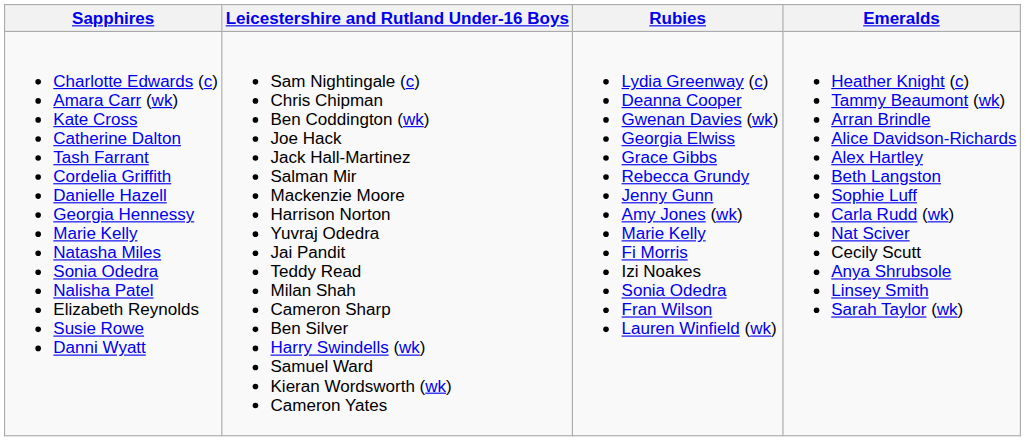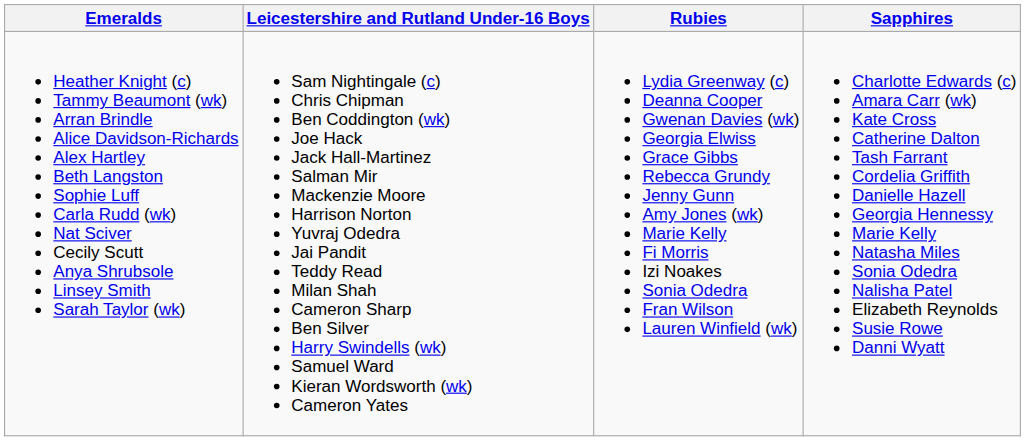 <table class="wikitable" Style="font-size:95%;">
 <tr>
-<th><a href='#'>Sapphires</a></th>
+<th><a href='#'>Emeralds</a></th>
 <th><a href='#'>Leicestershire and Rutland Under-16 Boys</a></th>
 <th><a href='#'>Rubies</a></th>
-<th><a href='#'>Emeralds</a></th>
+<th><a href='#'>Sapphires</a></th>
 </tr>
 <tr>
-<td valign=top><br><ul><li> <a href='#'>Charlotte Edwards</a> (<a href='#'>c</a>)</li><li> <a href='#'>Amara Carr</a> (<a href='#'>wk</a>)</li><li> <a href='#'>Kate Cross</a></li><li> <a href='#'>Catherine Dalton</a></li><li> <a href='#'>Tash Farrant</a></li><li> <a href='#'>Cordelia Griffith</a></li><li> <a href='#'>Danielle Hazell</a></li><li> <a href='#'>Georgia Hennessy</a></li><li> <a href='#'>Marie Kelly</a></li><li> <a href='#'>Natasha Miles</a></li><li> <a href='#'>Sonia Odedra</a></li><li> <a href='#'>Nalisha Patel</a></li><li> Elizabeth Reynolds</li><li> <a href='#'>Susie Rowe</a></li><li> <a href='#'>Danni Wyatt</a></li></ul></td>
+<td valign=top><br><ul><li> <a href='#'>Heather Knight</a> (<a href='#'>c</a>)</li><li> <a href='#'>Tammy Beaumont</a> (<a href='#'>wk</a>)</li><li> <a href='#'>Arran Brindle</a></li><li> <a href='#'>Alice Davidson-Richards</a></li><li> <a href='#'>Alex Hartley</a></li><li> <a href='#'>Beth Langston</a></li><li> <a href='#'>Sophie Luff</a></li><li> <a href='#'>Carla Rudd</a> (<a href='#'>wk</a>)</li><li> <a href='#'>Nat Sciver</a></li><li> Cecily Scutt</li><li> <a href='#'>Anya Shrubsole</a></li><li> <a href='#'>Linsey Smith</a></li><li> <a href='#'>Sarah Taylor</a> (<a href='#'>wk</a>)</li></ul></td>
 <td valign=top><br><ul><li> Sam Nightingale (<a href='#'>c</a>)</li><li> Chris Chipman</li><li> Ben Coddington (<a href='#'>wk</a>)</li><li> Joe Hack</li><li> Jack Hall-Martinez</li><li> Salman Mir</li><li> Mackenzie Moore</li><li> Harrison Norton</li><li> Yuvraj Odedra</li><li> Jai Pandit</li><li> Teddy Read</li><li> Milan Shah</li><li> Cameron Sharp</li><li> Ben Silver</li><li> <a href='#'>Harry Swindells</a> (<a href='#'>wk</a>)</li><li> Samuel Ward</li><li> Kieran Wordsworth (<a href='#'>wk</a>)</li><li> Cameron Yates</li></ul></td>
 <td valign=top><br><ul><li> <a href='#'>Lydia Greenway</a> (<a href='#'>c</a>)</li><li> <a href='#'>Deanna Cooper</a></li><li> <a href='#'>Gwenan Davies</a> (<a href='#'>wk</a>)</li><li> <a href='#'>Georgia Elwiss</a></li><li> <a href='#'>Grace Gibbs</a></li><li> <a href='#'>Rebecca Grundy</a></li><li> <a href='#'>Jenny Gunn</a></li><li> <a href='#'>Amy Jones</a> (<a href='#'>wk</a>)</li><li> <a href='#'>Marie Kelly</a></li><li> <a href='#'>Fi Morris</a></li><li> Izi Noakes</li><li> <a href='#'>Sonia Odedra</a></li><li> <a href='#'>Fran Wilson</a></li><li> <a href='#'>Lauren Winfield</a> (<a href='#'>wk</a>)</li></ul></td>
-<td valign=top><br><ul><li> <a href='#'>Heather Knight</a> (<a href='#'>c</a>)</li><li> <a href='#'>Tammy Beaumont</a> (<a href='#'>wk</a>)</li><li> <a href='#'>Arran Brindle</a></li><li> <a href='#'>Alice Davidson-Richards</a></li><li> <a href='#'>Alex Hartley</a></li><li> <a href='#'>Beth Langston</a></li><li> <a href='#'>Sophie Luff</a></li><li> <a href='#'>Carla Rudd</a> (<a href='#'>wk</a>)</li><li> <a href='#'>Nat Sciver</a></li><li> Cecily Scutt</li><li> <a href='#'>Anya Shrubsole</a></li><li> <a href='#'>Linsey Smith</a></li><li> <a href='#'>Sarah Taylor</a> (<a href='#'>wk</a>)</li></ul></td>
+<td valign=top><br><ul><li> <a href='#'>Charlotte Edwards</a> (<a href='#'>c</a>)</li><li> <a href='#'>Amara Carr</a> (<a href='#'>wk</a>)</li><li> <a href='#'>Kate Cross</a></li><li> <a href='#'>Catherine Dalton</a></li><li> <a href='#'>Tash Farrant</a></li><li> <a href='#'>Cordelia Griffith</a></li><li> <a href='#'>Danielle Hazell</a></li><li> <a href='#'>Georgia Hennessy</a></li><li> <a href='#'>Marie Kelly</a></li><li> <a href='#'>Natasha Miles</a></li><li> <a href='#'>Sonia Odedra</a></li><li> <a href='#'>Nalisha Patel</a></li><li> Elizabeth Reynolds</li><li> <a href='#'>Susie Rowe</a></li><li> <a href='#'>Danni Wyatt</a></li></ul></td>
 </tr>
 </table>
